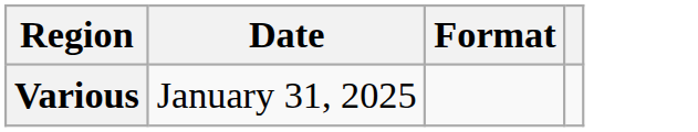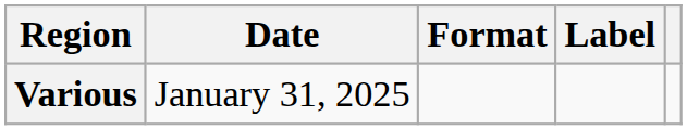 <table class="wikitable plainrowheaders">
 <tr>
 <th scope="col">Region</th>
 <th scope="col">Date</th>
 <th scope="col">Format</th>
+<th scope="col">Label</th>
 <th scope="col"></th>
 </tr>
 <tr>
 <th scope="row">Various</th>
 <td>January 31, 2025</td>
 <td></td>
+<td></td>
 <td style="text-align:center"></td>
 </tr>
 </table>
